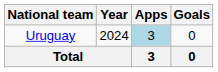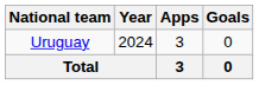 <table class="wikitable" style="text-align:center">
 <tr>
 <th>National team</th>
 <th>Year</th>
 <th>Apps</th>
 <th>Goals</th>
 </tr>
 <tr>
 <td rowspan="1"><a href='#'>Uruguay</a></td>
 <td>2024</td>
-<td style="background: lightblue;">3</td>
+<td>3</td>
 <td>0</td>
 </tr>
 <tr>
 <th colspan="2">Total</th>
 <th>3</th>
 <th>0</th>
 </tr>
 </table>
